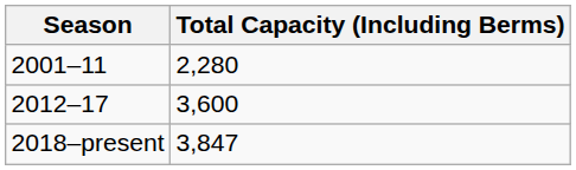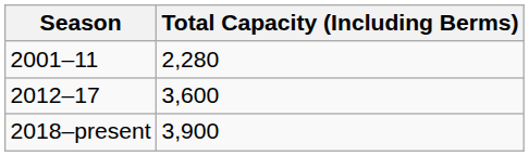 <table class="wikitable">
 <tr>
 <th>Season</th>
 <th>Total Capacity (Including Berms)</th>
 </tr>
 <tr>
 <td>2001–11</td>
 <td>2,280</td>
 </tr>
 <tr>
 <td>2012–17</td>
 <td>3,600</td>
 </tr>
 <tr>
 <td>2018–present</td>
-<td>3,847</td>
+<td>3,900</td>
 </tr>
 </table>
